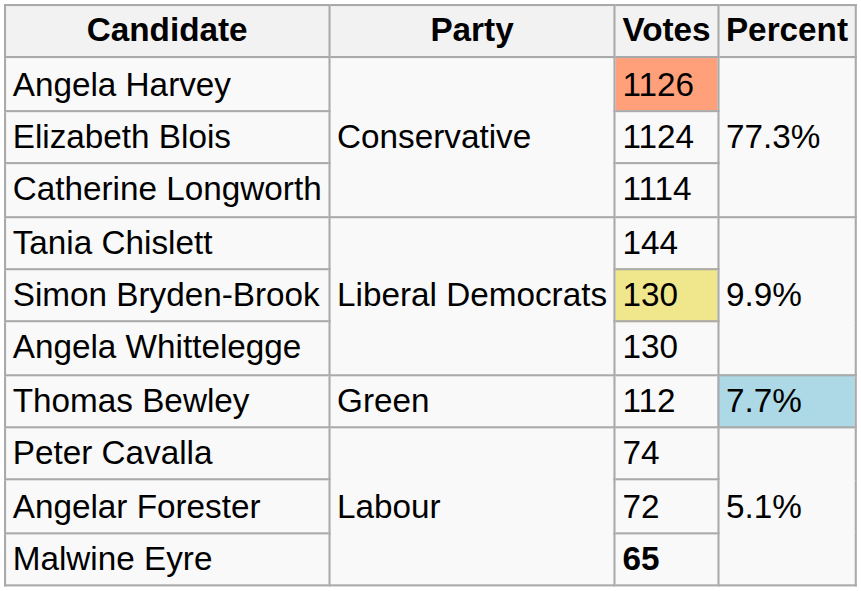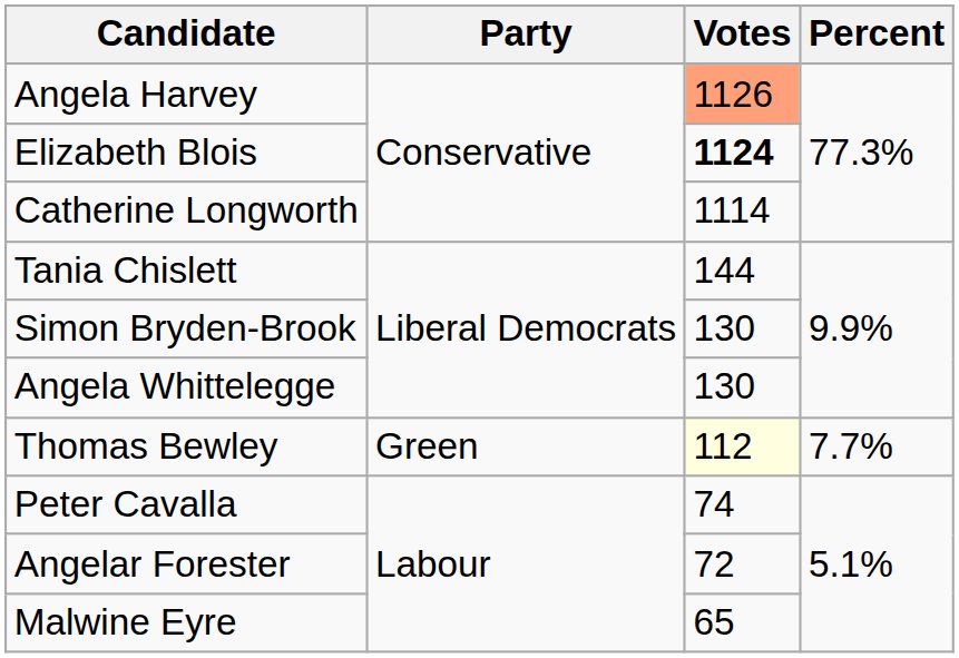 <table class="wikitable">
 <tr>
 <th>Candidate</th>
 <th>Party</th>
 <th>Votes</th>
 <th>Percent</th>
 </tr>
 <tr>
 <td>Angela Harvey</td>
 <td rowspan="3">Conservative</td>
 <td style="background: lightsalmon;">1126</td>
 <td rowspan="3">77.3%</td>
 </tr>
 <tr>
 <td>Elizabeth Blois</td>
-<td>1124</td>
+<td><strong>1124</strong></td>
 </tr>
 <tr>
 <td>Catherine Longworth</td>
 <td>1114</td>
 </tr>
 <tr>
 <td>Tania Chislett</td>
 <td rowspan="3">Liberal Democrats</td>
 <td>144</td>
 <td rowspan="3">9.9%</td>
 </tr>
 <tr>
 <td>Simon Bryden-Brook</td>
-<td style="background: khaki;">130</td>
+<td>130</td>
 </tr>
 <tr>
 <td>Angela Whittelegge</td>
 <td>130</td>
 </tr>
 <tr>
 <td>Thomas Bewley</td>
 <td>Green</td>
-<td>112</td>
-<td style="background: lightblue;">7.7%</td>
+<td style="background: lightyellow;">112</td>
+<td>7.7%</td>
 </tr>
 <tr>
 <td>Peter Cavalla</td>
 <td rowspan="3">Labour</td>
 <td>74</td>
 <td rowspan="3">5.1%</td>
 </tr>
 <tr>
 <td>Angelar Forester</td>
 <td>72</td>
 </tr>
 <tr>
 <td>Malwine Eyre</td>
-<td><strong>65</strong></td>
+<td>65</td>
 </tr>
 </table>
